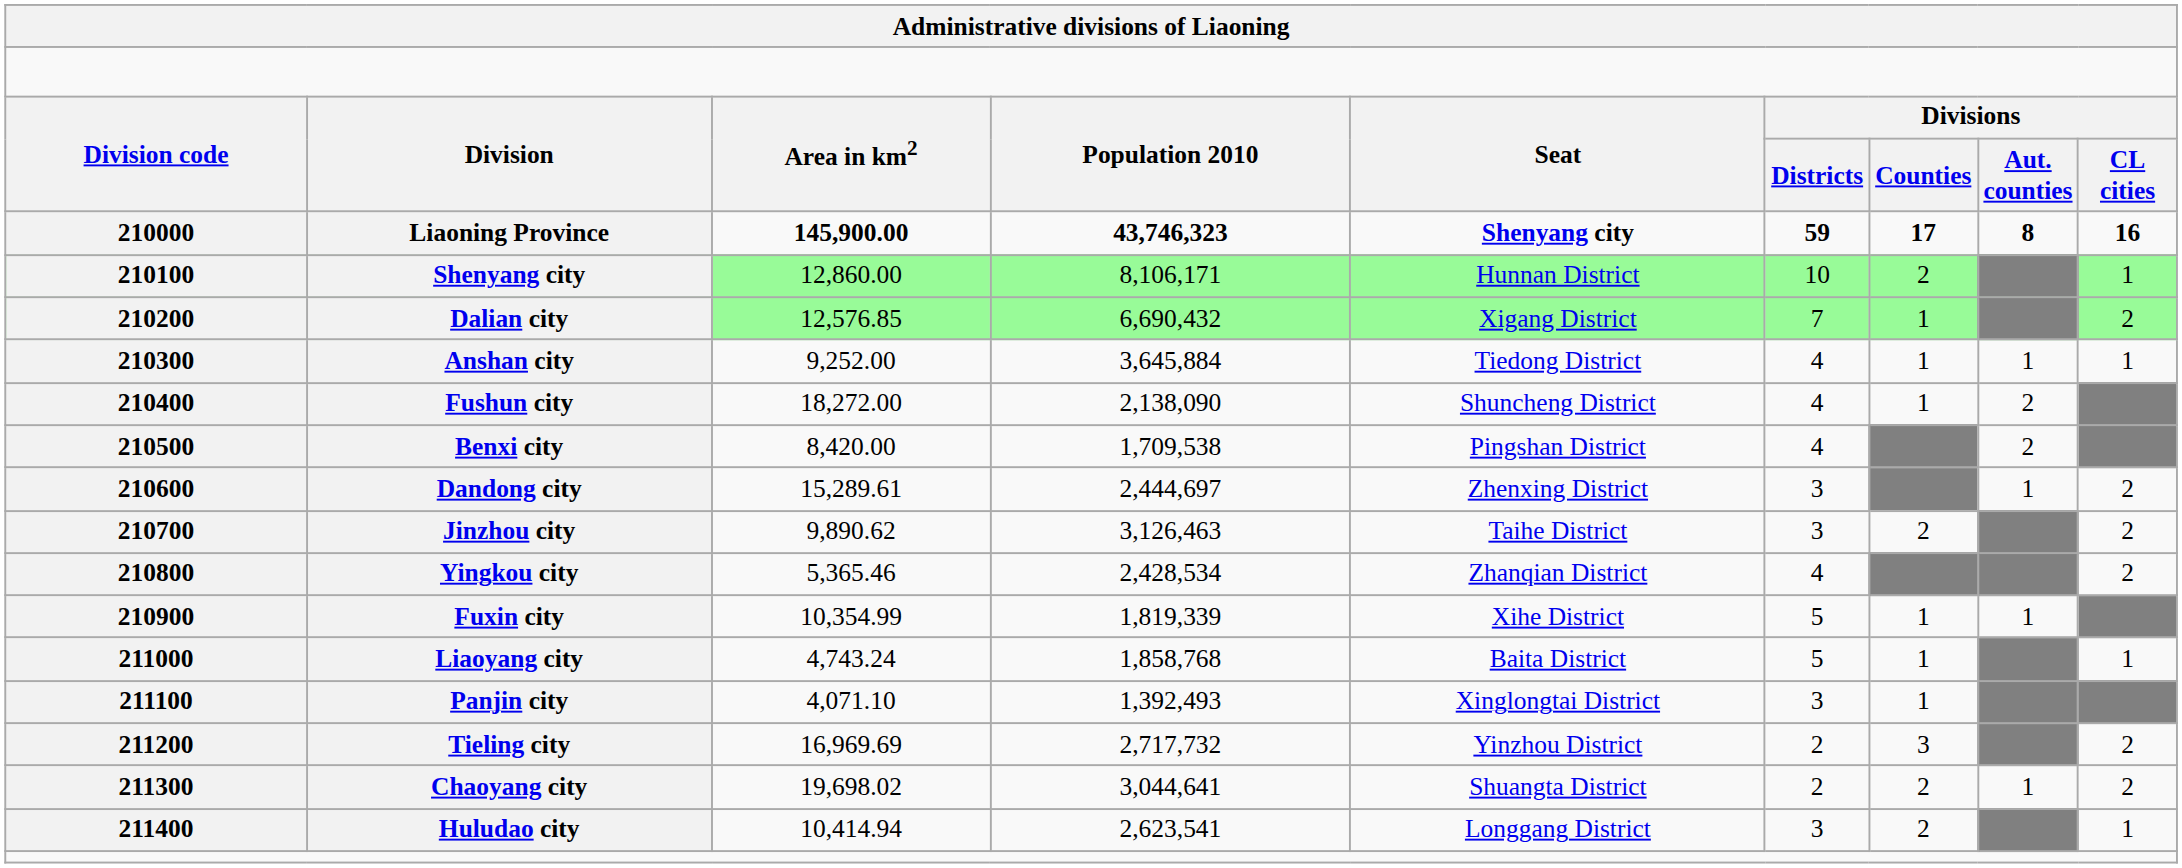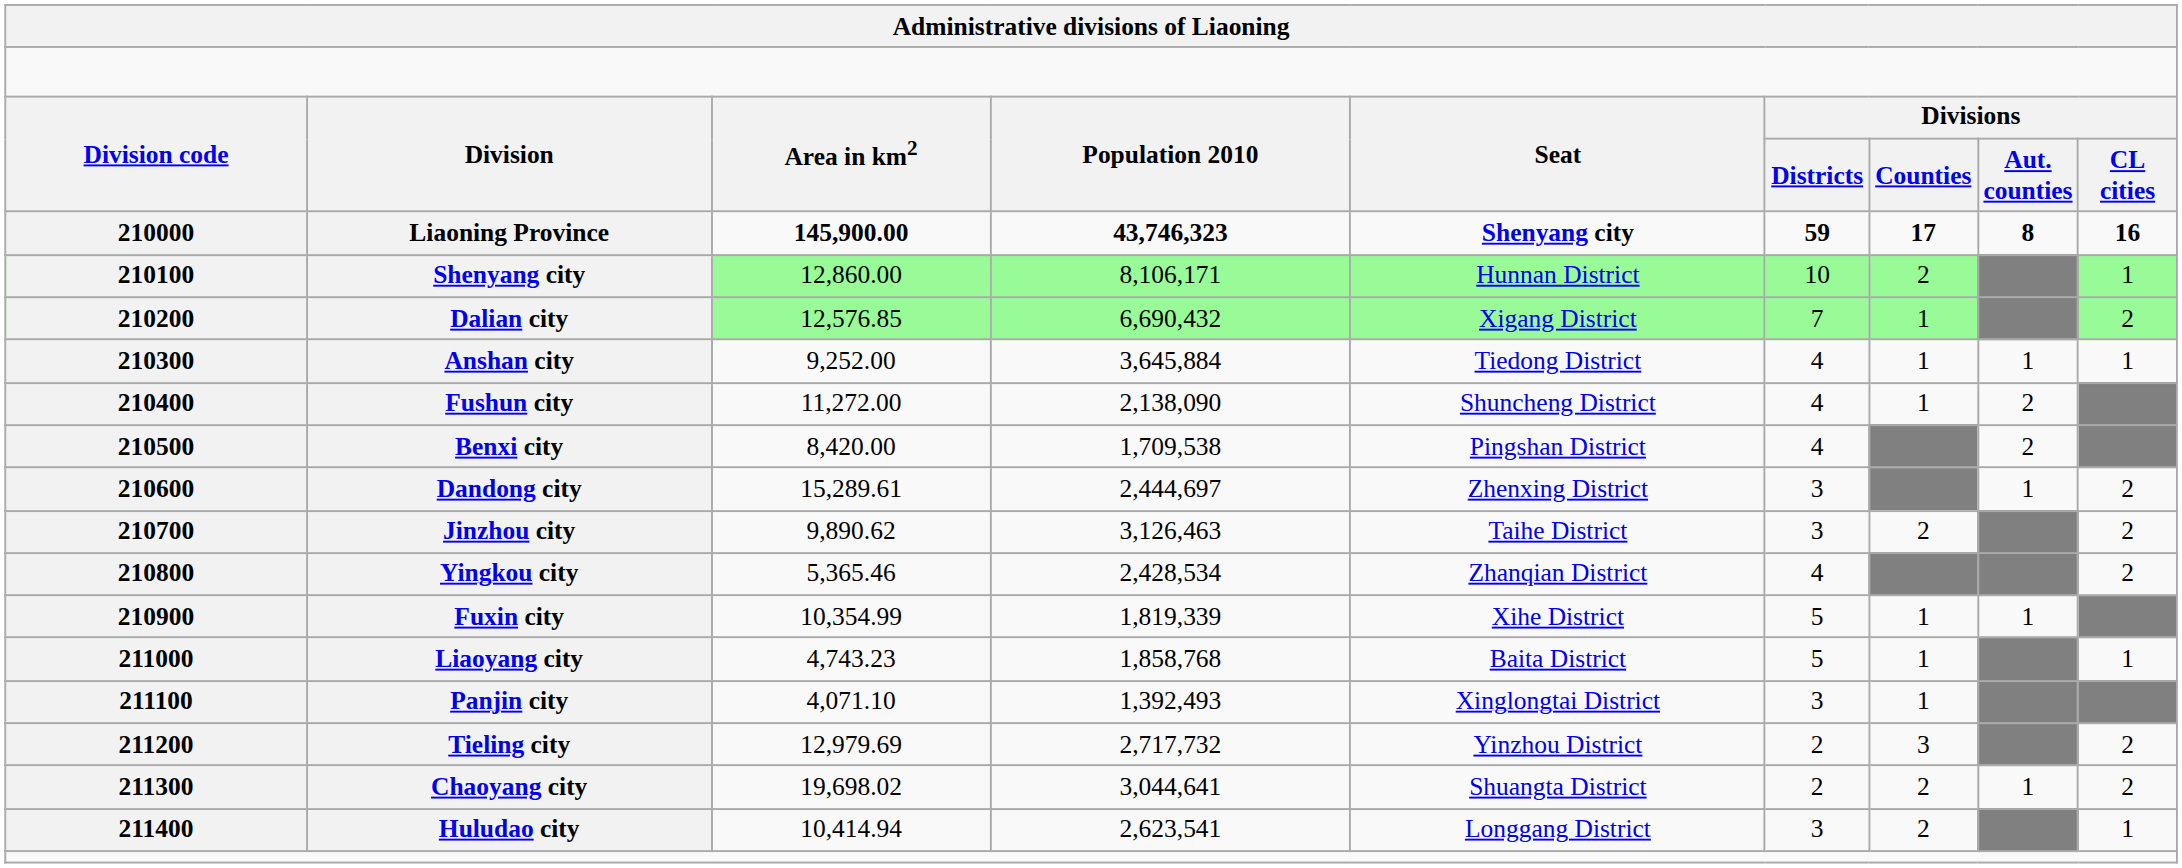 <table class="wikitable sortable" style="margin:1em auto 1em auto; width:90%; font-size:smaller; text-align:center">
 <tr>
 <th colspan="9">Administrative divisions of Liaoning</th>
 </tr>
 <tr>
 <td colspan="9" style="font-size:larger"><div><br>               </div></td>
 </tr>
 <tr>
 <th ! scope="col" rowspan="2"><a href='#'>Division code</a></th>
 <th ! scope="col" rowspan="2">Division</th>
 <th ! scope="col" rowspan="2">Area in km<sup>2</sup></th>
 <th ! scope="col" rowspan="2">Population 2010</th>
 <th ! scope="col" rowspan="2">Seat</th>
 <th ! scope="col" colspan="4">Divisions</th>
 </tr>
 <tr>
 <th ! scope="col" width="45"><a href='#'>Districts</a></th>
 <th ! scope="col" width="45"><a href='#'>Counties</a></th>
 <th ! scope="col" width="45"><a href='#'>Aut. counties</a></th>
 <th ! scope="col" width="45"><a href='#'>CL cities</a></th>
 </tr>
 <tr style="font-weight: bold">
 <th>210000</th>
 <th>Liaoning Province</th>
 <td>145,900.00</td>
 <td>43,746,323</td>
 <td><a href='#'>Shenyang</a> city</td>
 <td>59</td>
 <td>17</td>
 <td>8</td>
 <td>16</td>
 </tr>
 <tr bgcolor="#98FB98">
 <th>210100</th>
 <th><a href='#'>Shenyang</a> city</th>
 <td>12,860.00</td>
 <td>8,106,171</td>
 <td><a href='#'>Hunnan District</a></td>
 <td>10</td>
 <td>2</td>
 <td bgcolor="grey"></td>
 <td>1</td>
 </tr>
 <tr bgcolor="#98FB98">
 <th>210200</th>
 <th><a href='#'>Dalian</a> city</th>
 <td>12,576.85</td>
 <td>6,690,432</td>
 <td><a href='#'>Xigang District</a></td>
 <td>7</td>
 <td>1</td>
 <td bgcolor="grey"></td>
 <td>2</td>
 </tr>
 <tr>
 <th>210300</th>
 <th><a href='#'>Anshan</a> city</th>
 <td>9,252.00</td>
 <td>3,645,884</td>
 <td><a href='#'>Tiedong District</a></td>
 <td>4</td>
 <td>1</td>
 <td>1</td>
 <td>1</td>
 </tr>
 <tr>
 <th>210400</th>
 <th><a href='#'>Fushun</a> city</th>
-<td>18,272.00</td>
+<td>11,272.00</td>
 <td>2,138,090</td>
 <td><a href='#'>Shuncheng District</a></td>
 <td>4</td>
 <td>1</td>
 <td>2</td>
 <td bgcolor="grey"></td>
 </tr>
 <tr>
 <th>210500</th>
 <th><a href='#'>Benxi</a> city</th>
 <td>8,420.00</td>
 <td>1,709,538</td>
 <td><a href='#'>Pingshan District</a></td>
 <td>4</td>
 <td bgcolor="grey"></td>
 <td>2</td>
 <td bgcolor="grey"></td>
 </tr>
 <tr>
 <th>210600</th>
 <th><a href='#'>Dandong</a> city</th>
 <td>15,289.61</td>
 <td>2,444,697</td>
 <td><a href='#'>Zhenxing District</a></td>
 <td>3</td>
 <td bgcolor="grey"></td>
 <td>1</td>
 <td>2</td>
 </tr>
 <tr>
 <th>210700</th>
 <th><a href='#'>Jinzhou</a> city</th>
 <td>9,890.62</td>
 <td>3,126,463</td>
 <td><a href='#'>Taihe District</a></td>
 <td>3</td>
 <td>2</td>
 <td bgcolor="grey"></td>
 <td>2</td>
 </tr>
 <tr>
 <th>210800</th>
 <th><a href='#'>Yingkou</a> city</th>
 <td>5,365.46</td>
 <td>2,428,534</td>
 <td><a href='#'>Zhanqian District</a></td>
 <td>4</td>
 <td bgcolor="grey"></td>
 <td bgcolor="grey"></td>
 <td>2</td>
 </tr>
 <tr>
 <th>210900</th>
 <th><a href='#'>Fuxin</a> city</th>
 <td>10,354.99</td>
 <td>1,819,339</td>
 <td><a href='#'>Xihe District</a></td>
 <td>5</td>
 <td>1</td>
 <td>1</td>
 <td bgcolor="grey"></td>
 </tr>
 <tr>
 <th>211000</th>
 <th><a href='#'>Liaoyang</a> city</th>
-<td>4,743.24</td>
+<td>4,743.23</td>
 <td>1,858,768</td>
 <td><a href='#'>Baita District</a></td>
 <td>5</td>
 <td>1</td>
 <td bgcolor="grey"></td>
 <td>1</td>
 </tr>
 <tr>
 <th>211100</th>
 <th><a href='#'>Panjin</a> city</th>
 <td>4,071.10</td>
 <td>1,392,493</td>
 <td><a href='#'>Xinglongtai District</a></td>
 <td>3</td>
 <td>1</td>
 <td bgcolor="grey"></td>
 <td bgcolor="grey"></td>
 </tr>
 <tr>
 <th>211200</th>
 <th><a href='#'>Tieling</a> city</th>
-<td>16,969.69</td>
+<td>12,979.69</td>
 <td>2,717,732</td>
 <td><a href='#'>Yinzhou District</a></td>
 <td>2</td>
 <td>3</td>
 <td bgcolor="grey"></td>
 <td>2</td>
 </tr>
 <tr>
 <th>211300</th>
 <th><a href='#'>Chaoyang</a> city</th>
 <td>19,698.02</td>
 <td>3,044,641</td>
 <td><a href='#'>Shuangta District</a></td>
 <td>2</td>
 <td>2</td>
 <td>1</td>
 <td>2</td>
 </tr>
 <tr>
 <th>211400</th>
 <th><a href='#'>Huludao</a> city</th>
 <td>10,414.94</td>
 <td>2,623,541</td>
 <td><a href='#'>Longgang District</a></td>
 <td>3</td>
 <td>2</td>
 <td bgcolor="grey"></td>
 <td>1</td>
 </tr>
 <tr>
 <td colspan = "12"></td>
 </tr>
 </table>
